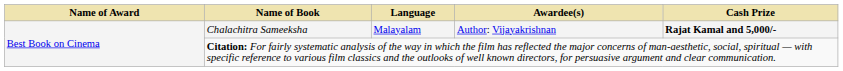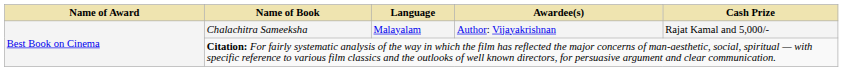 <table class="wikitable" style="width:100%;">
 <tr>
 <th style="background-color:#EFE4B0;width:24%;">Name of Award</th>
 <th style="background-color:#EFE4B0;width:20%;">Name of Book</th>
 <th style="background-color:#EFE4B0;width:10%;">Language</th>
 <th style="background-color:#EFE4B0;width:25%;">Awardee(s)</th>
 <th style="background-color:#EFE4B0;width:21%;">Cash Prize</th>
 </tr>
 <tr style="background-color:#F4F4F4">
 <td rowspan="2"><a href='#'>Best Book on Cinema</a></td>
 <td><em>Chalachitra Sameeksha</em></td>
 <td><a href='#'>Malayalam</a></td>
 <td><a href='#'>Author</a>: <a href='#'>Vijayakrishnan</a></td>
-<td><strong>Rajat Kamal and 5,000/-</strong></td>
+<td>Rajat Kamal and 5,000/-</td>
 </tr>
 <tr style="background-color:#F9F9F9">
 <td colspan="4"><strong>Citation:</strong> <em>For fairly systematic analysis of the way in which the film has reflected the major concerns of man-aesthetic, social, spiritual — with specific reference to various film classics and the outlooks of well known directors, for persuasive argument and clear communication.</em></td>
 </tr>
 </table>
